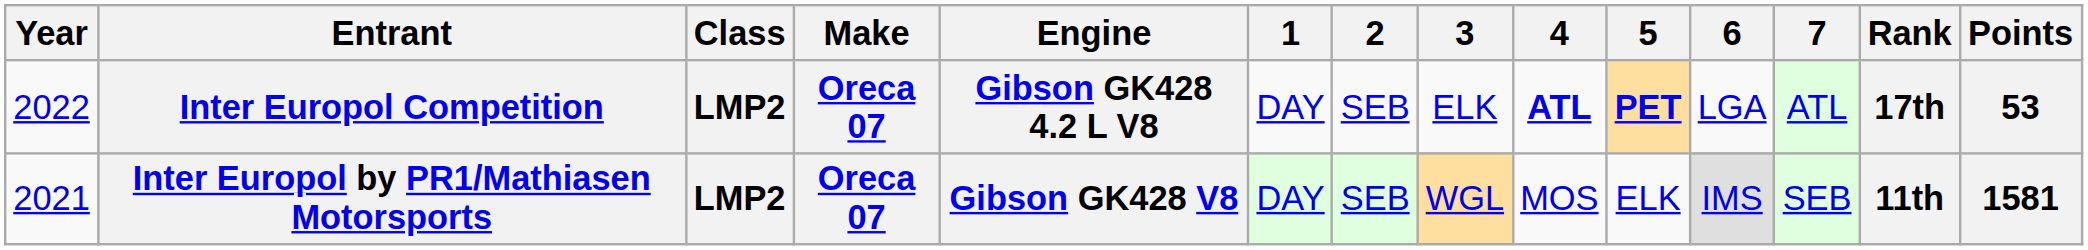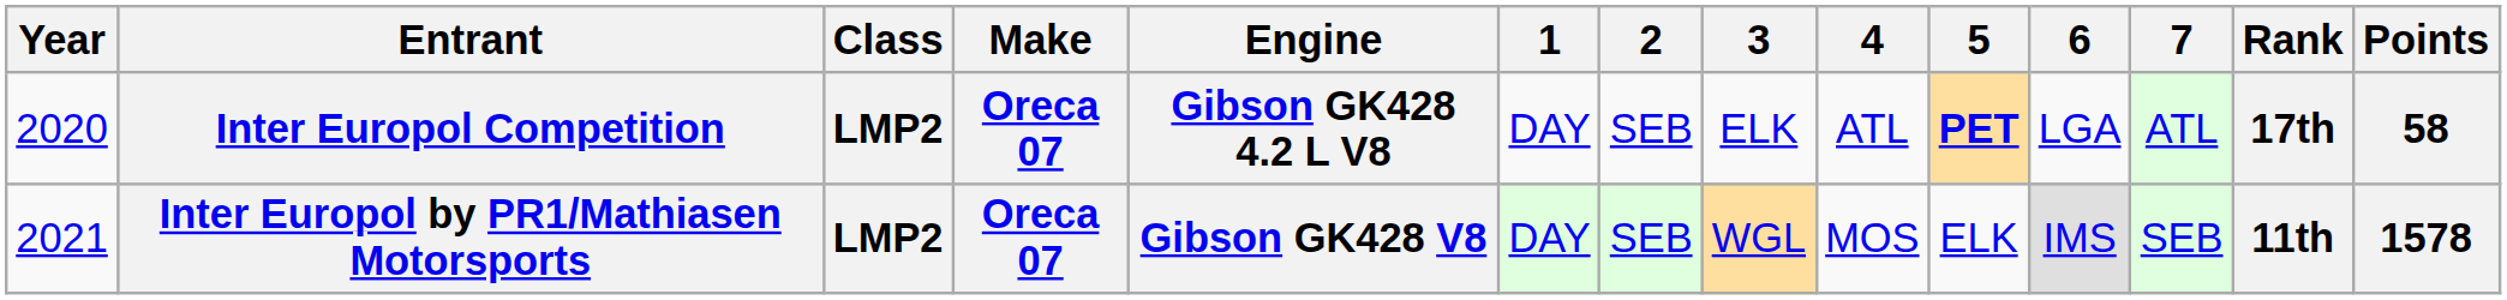 <table class="wikitable" style="text-align:center; font-size:90%">
 <tr>
 <th>Year</th>
 <th>Entrant</th>
 <th>Class</th>
 <th>Make</th>
 <th>Engine</th>
 <th>1</th>
 <th>2</th>
 <th>3</th>
 <th>4</th>
 <th>5</th>
 <th>6</th>
 <th>7</th>
 <th>Rank</th>
 <th>Points</th>
 </tr>
 <tr>
-<td><a href='#'>2022</a></td>
+<td><a href='#'>2020</a></td>
 <th><a href='#'>Inter Europol Competition</a></th>
 <th>LMP2</th>
 <th><a href='#'>Oreca 07</a></th>
 <th><a href='#'>Gibson</a> GK428 4.2 L V8</th>
 <td style="background:#;"><a href='#'>DAY</a></td>
 <td style="background:#;"><a href='#'>SEB</a></td>
 <td style="background:#;"><a href='#'>ELK</a></td>
-<td style="background:#;"><strong><a href='#'>ATL</a></strong></td>
+<td style="background:#;"><a href='#'>ATL</a></td>
 <td style="background:#FFDF9F;"><strong><a href='#'>PET</a><br></strong></td>
 <td style="background:#;"><a href='#'>LGA</a></td>
 <td style="background:#DFFFDF;"><a href='#'>ATL</a><br></td>
 <th>17th</th>
-<th>53</th>
+<th>58</th>
 </tr>
 <tr>
 <td><a href='#'>2021</a></td>
 <th><a href='#'>Inter Europol</a> by <a href='#'>PR1/Mathiasen Motorsports</a></th>
 <th>LMP2</th>
 <th><a href='#'>Oreca 07</a></th>
 <th><a href='#'>Gibson</a> GK428 <a href='#'>V8</a></th>
 <td style="background:#DFFFDF;"><a href='#'>DAY</a><br></td>
 <td style="background:#DFFFDF;"><a href='#'>SEB</a><br></td>
 <td style="background:#FFDF9F;"><a href='#'>WGL</a><br></td>
 <td style="background:#;"><a href='#'>MOS</a></td>
 <td style="background:#;"><a href='#'>ELK</a></td>
 <td style="background:#DFDFDF;"><a href='#'>IMS</a><br></td>
 <td style="background:#DFFFDF;"><a href='#'>SEB</a><br></td>
 <th>11th</th>
-<th>1581</th>
+<th>1578</th>
 </tr>
 </table>
